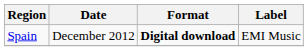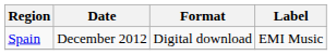 <table class=wikitable>
 <tr>
 <th>Region</th>
 <th>Date</th>
 <th>Format</th>
 <th>Label</th>
 </tr>
 <tr>
 <td><a href='#'>Spain</a></td>
 <td>December 2012</td>
-<td><strong>Digital download</strong></td>
+<td>Digital download</td>
 <td>EMI Music</td>
 </tr>
 <tr>
 </tr>
 </table>
